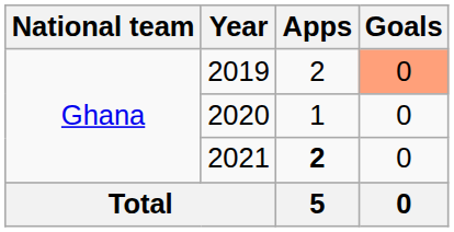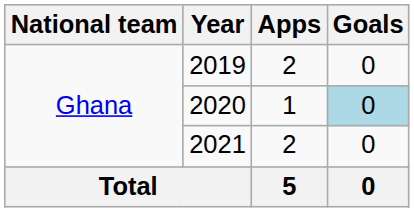 <table class="wikitable" style="text-align:center">
 <tr>
 <th>National team</th>
 <th>Year</th>
 <th>Apps</th>
 <th>Goals</th>
 </tr>
 <tr>
 <td rowspan="3"><a href='#'>Ghana</a></td>
 <td>2019</td>
 <td>2</td>
-<td style="background: lightsalmon;">0</td>
+<td>0</td>
 </tr>
 <tr>
 <td>2020</td>
 <td>1</td>
-<td>0</td>
+<td style="background: lightblue;">0</td>
 </tr>
 <tr>
 <td>2021</td>
-<td><strong>2</strong></td>
+<td>2</td>
 <td>0</td>
 </tr>
 <tr>
 <th colspan="2">Total</th>
 <th>5</th>
 <th>0</th>
 </tr>
 </table>
